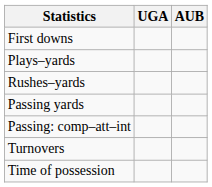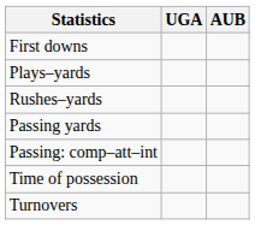 <table class="wikitable" style="float:left">
 <tr>
 <th>Statistics</th>
 <th>UGA</th>
 <th>AUB</th>
 </tr>
 <tr>
 <td>First downs</td>
 <td></td>
 <td></td>
 </tr>
 <tr>
 <td>Plays–yards</td>
 <td></td>
 <td></td>
 </tr>
 <tr>
 <td>Rushes–yards</td>
 <td></td>
 <td></td>
 </tr>
 <tr>
 <td>Passing yards</td>
 <td></td>
 <td></td>
 </tr>
 <tr>
 <td>Passing: comp–att–int</td>
 <td></td>
 <td></td>
 </tr>
 <tr>
+<td>Time of possession</td>
+<td></td>
+<td></td>
+</tr>
+<tr>
 <td>Turnovers</td>
 <td></td>
 <td></td>
 </tr>
-<tr>
-<td>Time of possession</td>
-<td></td>
-<td></td>
-</tr>
 </table>
